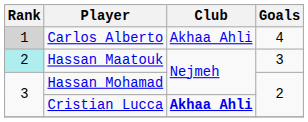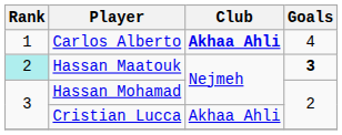 <table class="wikitable" style="text-align:center">
 <tr>
 <th>Rank</th>
 <th>Player</th>
 <th>Club</th>
 <th>Goals</th>
 </tr>
 <tr>
-<td style="background: lightgrey;">1</td>
+<td>1</td>
 <td align="left"> <a href='#'>Carlos Alberto</a></td>
-<td align="left"><a href='#'>Akhaa Ahli</a></td>
+<td align="left"><strong><a href='#'>Akhaa Ahli</a></strong></td>
 <td>4</td>
 </tr>
 <tr>
 <td style="background: paleturquoise;">2</td>
 <td align="left"> <a href='#'>Hassan Maatouk</a></td>
 <td rowspan="2" align="left"><a href='#'>Nejmeh</a></td>
-<td>3</td>
+<td><strong>3</strong></td>
 </tr>
 <tr>
 <td rowspan="2">3</td>
 <td align="left"> <a href='#'>Hassan Mohamad</a></td>
 <td rowspan="2">2</td>
 </tr>
 <tr>
 <td align="left"> <a href='#'>Cristian Lucca</a></td>
-<td align="left"><strong><a href='#'>Akhaa Ahli</a></strong></td>
+<td align="left"><a href='#'>Akhaa Ahli</a></td>
 </tr>
 <tr>
 </tr>
 </table>
